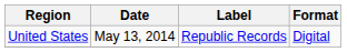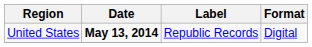 <table class="wikitable">
 <tr>
 <th>Region</th>
 <th>Date</th>
 <th>Label</th>
 <th>Format</th>
 </tr>
 <tr>
 <td><a href='#'>United States</a></td>
-<td>May 13, 2014</td>
+<td><strong>May 13, 2014</strong></td>
 <td rowspan="3"><a href='#'>Republic Records</a></td>
 <td rowspan="2"><a href='#'>Digital</a></td>
 </tr>
 <tr>
 </tr>
 </table>
